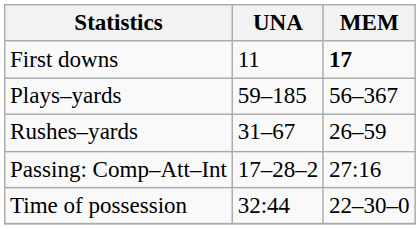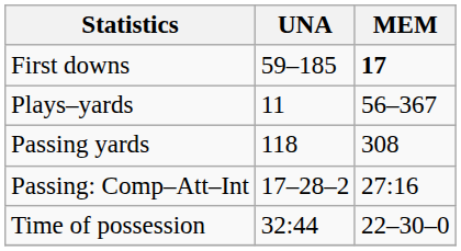 <table class="wikitable" style="float: left;">
 <tr>
 <th>Statistics</th>
 <th>UNA</th>
 <th>MEM</th>
 </tr>
 <tr>
 <td>First downs</td>
-<td>11</td>
+<td>59–185</td>
 <td><strong>17</strong></td>
 </tr>
 <tr>
 <td>Plays–yards</td>
-<td>59–185</td>
+<td>11</td>
 <td>56–367</td>
 </tr>
 <tr>
-<td>Rushes–yards</td>
-<td>31–67</td>
-<td>26–59</td>
+<td>Passing yards</td>
+<td>118</td>
+<td>308</td>
 </tr>
 <tr>
 <td>Passing: Comp–Att–Int</td>
 <td>17–28–2</td>
 <td>27:16</td>
 </tr>
 <tr>
 <td>Time of possession</td>
 <td>32:44</td>
 <td>22–30–0</td>
 </tr>
 <tr>
 </tr>
 </table>
